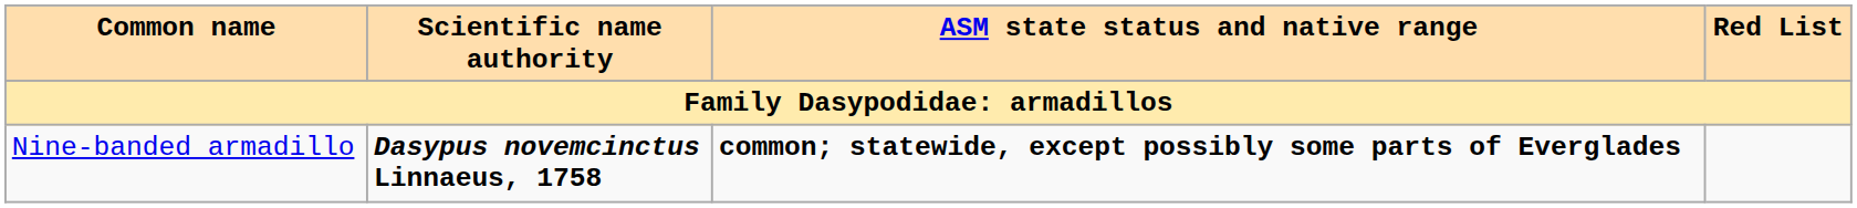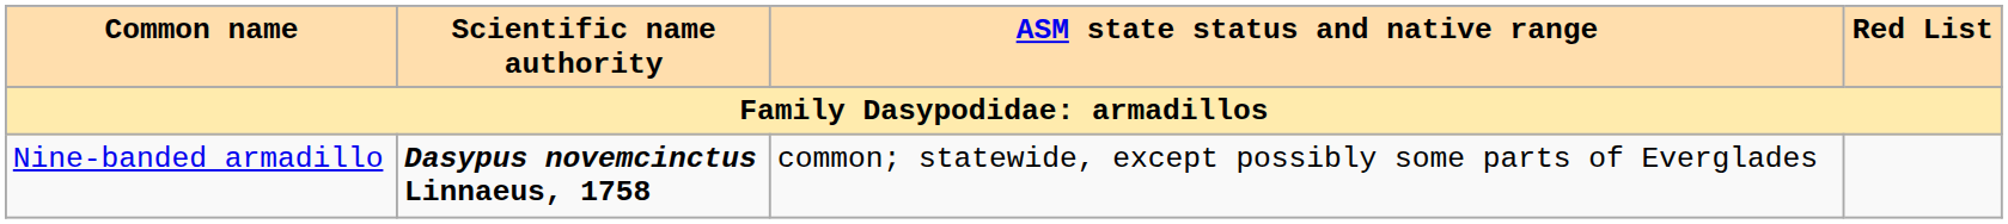 <table class="wikitable" style="width:100%; text-align:left;">
 <tr valign="top">
 <th style=background:navajowhite>Common name<br></th>
 <th style=background:navajowhite>Scientific name<br>authority</th>
 <th style=background:navajowhite><a href='#'>ASM</a> state status and native range</th>
 <th style=background:navajowhite>Red List</th>
 </tr>
 <tr>
 <td style="text-align:center;" bgcolor="#ffebad" colspan=5><strong>Family Dasypodidae: armadillos</strong></td>
 </tr>
 <tr valign="top">
 <td><a href='#'>Nine-banded armadillo</a><br></td>
 <td><strong><em>Dasypus novemcinctus</em><br>Linnaeus, 1758</strong></td>
-<td><strong>common; statewide, except possibly some parts of Everglades</strong></td>
+<td>common; statewide, except possibly some parts of Everglades</td>
 <td><br></td>
 </tr>
 </table>
